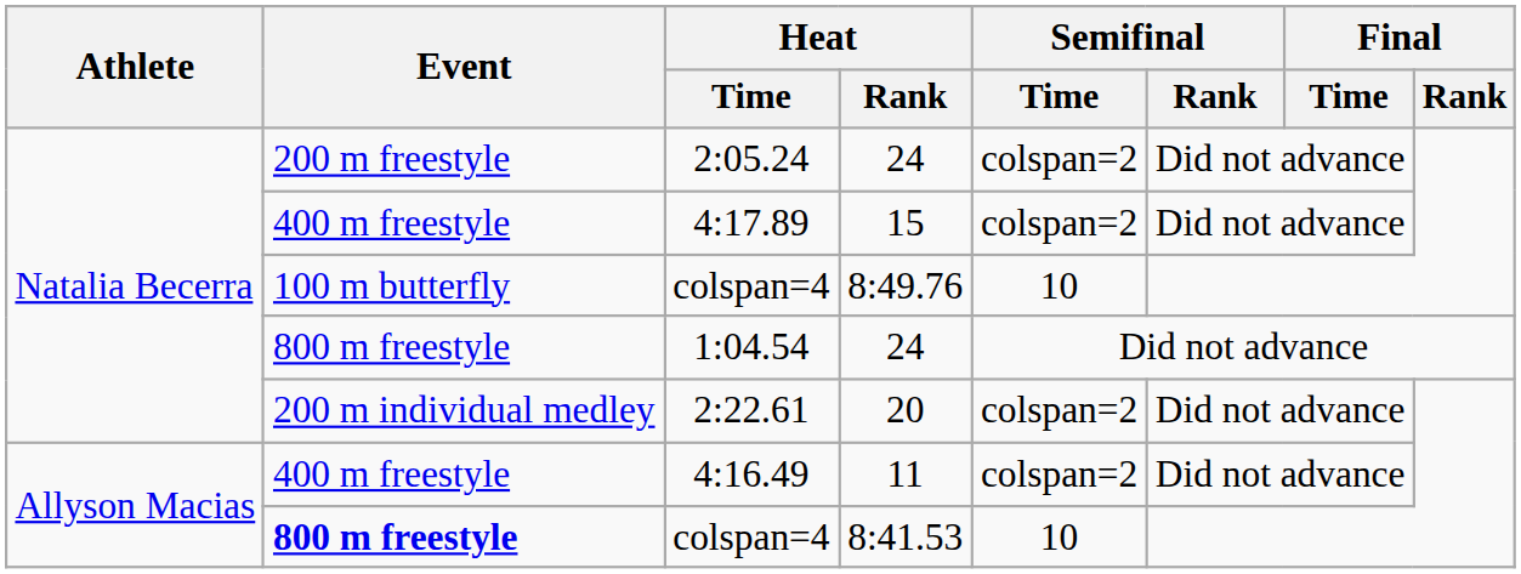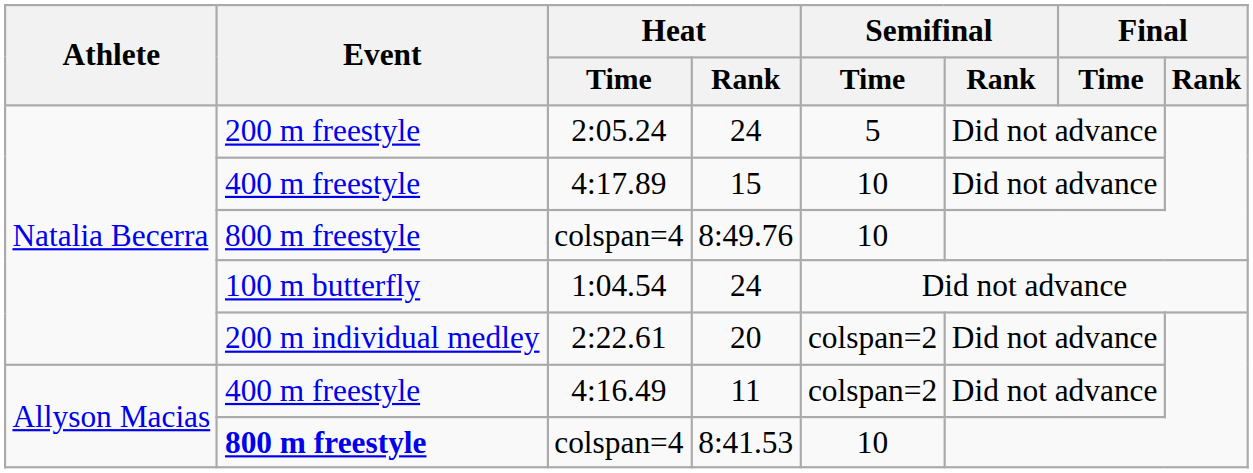 <table class=wikitable style="font-size:90%">
 <tr>
 <th rowspan=2>Athlete</th>
 <th rowspan=2>Event</th>
 <th colspan="2">Heat</th>
 <th colspan="2">Semifinal</th>
 <th colspan="2">Final</th>
 </tr>
 <tr style="font-size:95%">
 <th>Time</th>
 <th>Rank</th>
 <th>Time</th>
 <th>Rank</th>
 <th>Time</th>
 <th>Rank</th>
 </tr>
 <tr align=center>
 <td align=left rowspan=5><a href='#'>Natalia Becerra</a></td>
 <td align=left><a href='#'>200 m freestyle</a></td>
 <td>2:05.24</td>
 <td>24</td>
-<td>colspan=2 </td>
+<td>5</td>
 <td colspan=2>Did not advance</td>
 </tr>
 <tr align=center>
 <td align=left><a href='#'>400 m freestyle</a></td>
 <td>4:17.89</td>
 <td>15</td>
-<td>colspan=2 </td>
+<td>10</td>
 <td colspan=2>Did not advance</td>
 </tr>
 <tr align=center>
-<td align=left><a href='#'>100 m butterfly</a></td>
+<td align=left><a href='#'>800 m freestyle</a></td>
 <td>colspan=4 </td>
 <td>8:49.76</td>
 <td>10</td>
 </tr>
 <tr align=center>
-<td align=left><a href='#'>800 m freestyle</a></td>
+<td align=left><a href='#'>100 m butterfly</a></td>
 <td>1:04.54</td>
 <td>24</td>
 <td colspan=4>Did not advance</td>
 </tr>
 <tr align=center>
 <td align=left><a href='#'>200 m individual medley</a></td>
 <td>2:22.61</td>
 <td>20</td>
 <td>colspan=2 </td>
 <td colspan=2>Did not advance</td>
 </tr>
 <tr align=center>
 <td align=left rowspan=2><a href='#'>Allyson Macias</a></td>
 <td align=left><a href='#'>400 m freestyle</a></td>
 <td>4:16.49</td>
 <td>11</td>
 <td>colspan=2 </td>
 <td colspan=2>Did not advance</td>
 </tr>
 <tr align=center>
 <td align=left><strong><a href='#'>800 m freestyle</a></strong></td>
 <td>colspan=4 </td>
 <td>8:41.53</td>
 <td>10</td>
 </tr>
 </table>
